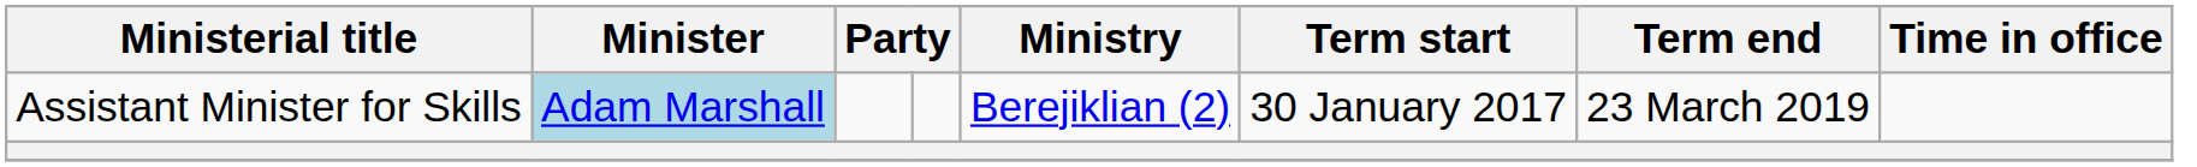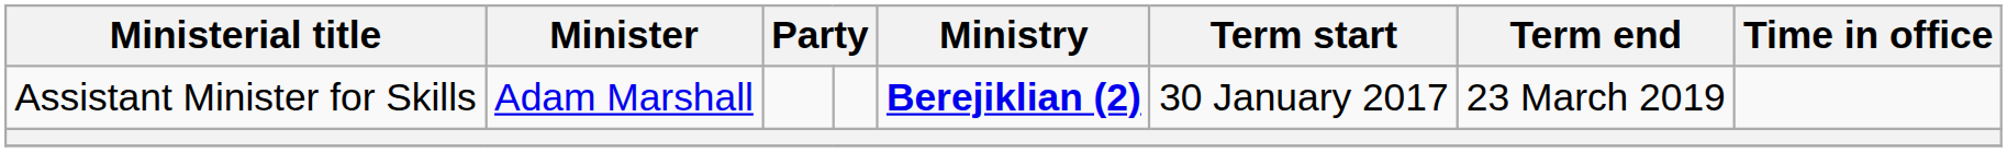 <table class="wikitable">
 <tr>
 <th>Ministerial title</th>
 <th>Minister</th>
 <th colspan=2>Party</th>
 <th>Ministry</th>
 <th>Term start</th>
 <th>Term end</th>
 <th>Time in office</th>
 </tr>
 <tr>
 <td>Assistant Minister for Skills</td>
-<td style="background: lightblue;"><a href='#'>Adam Marshall</a></td>
+<td><a href='#'>Adam Marshall</a></td>
 <td> </td>
 <td></td>
-<td><a href='#'>Berejiklian (2)</a></td>
+<td><strong><a href='#'>Berejiklian (2)</a></strong></td>
 <td>30 January 2017</td>
 <td>23 March 2019</td>
 <td align=right></td>
 </tr>
 <tr>
 <th colspan=9></th>
 </tr>
 <tr>
 </tr>
 </table>
